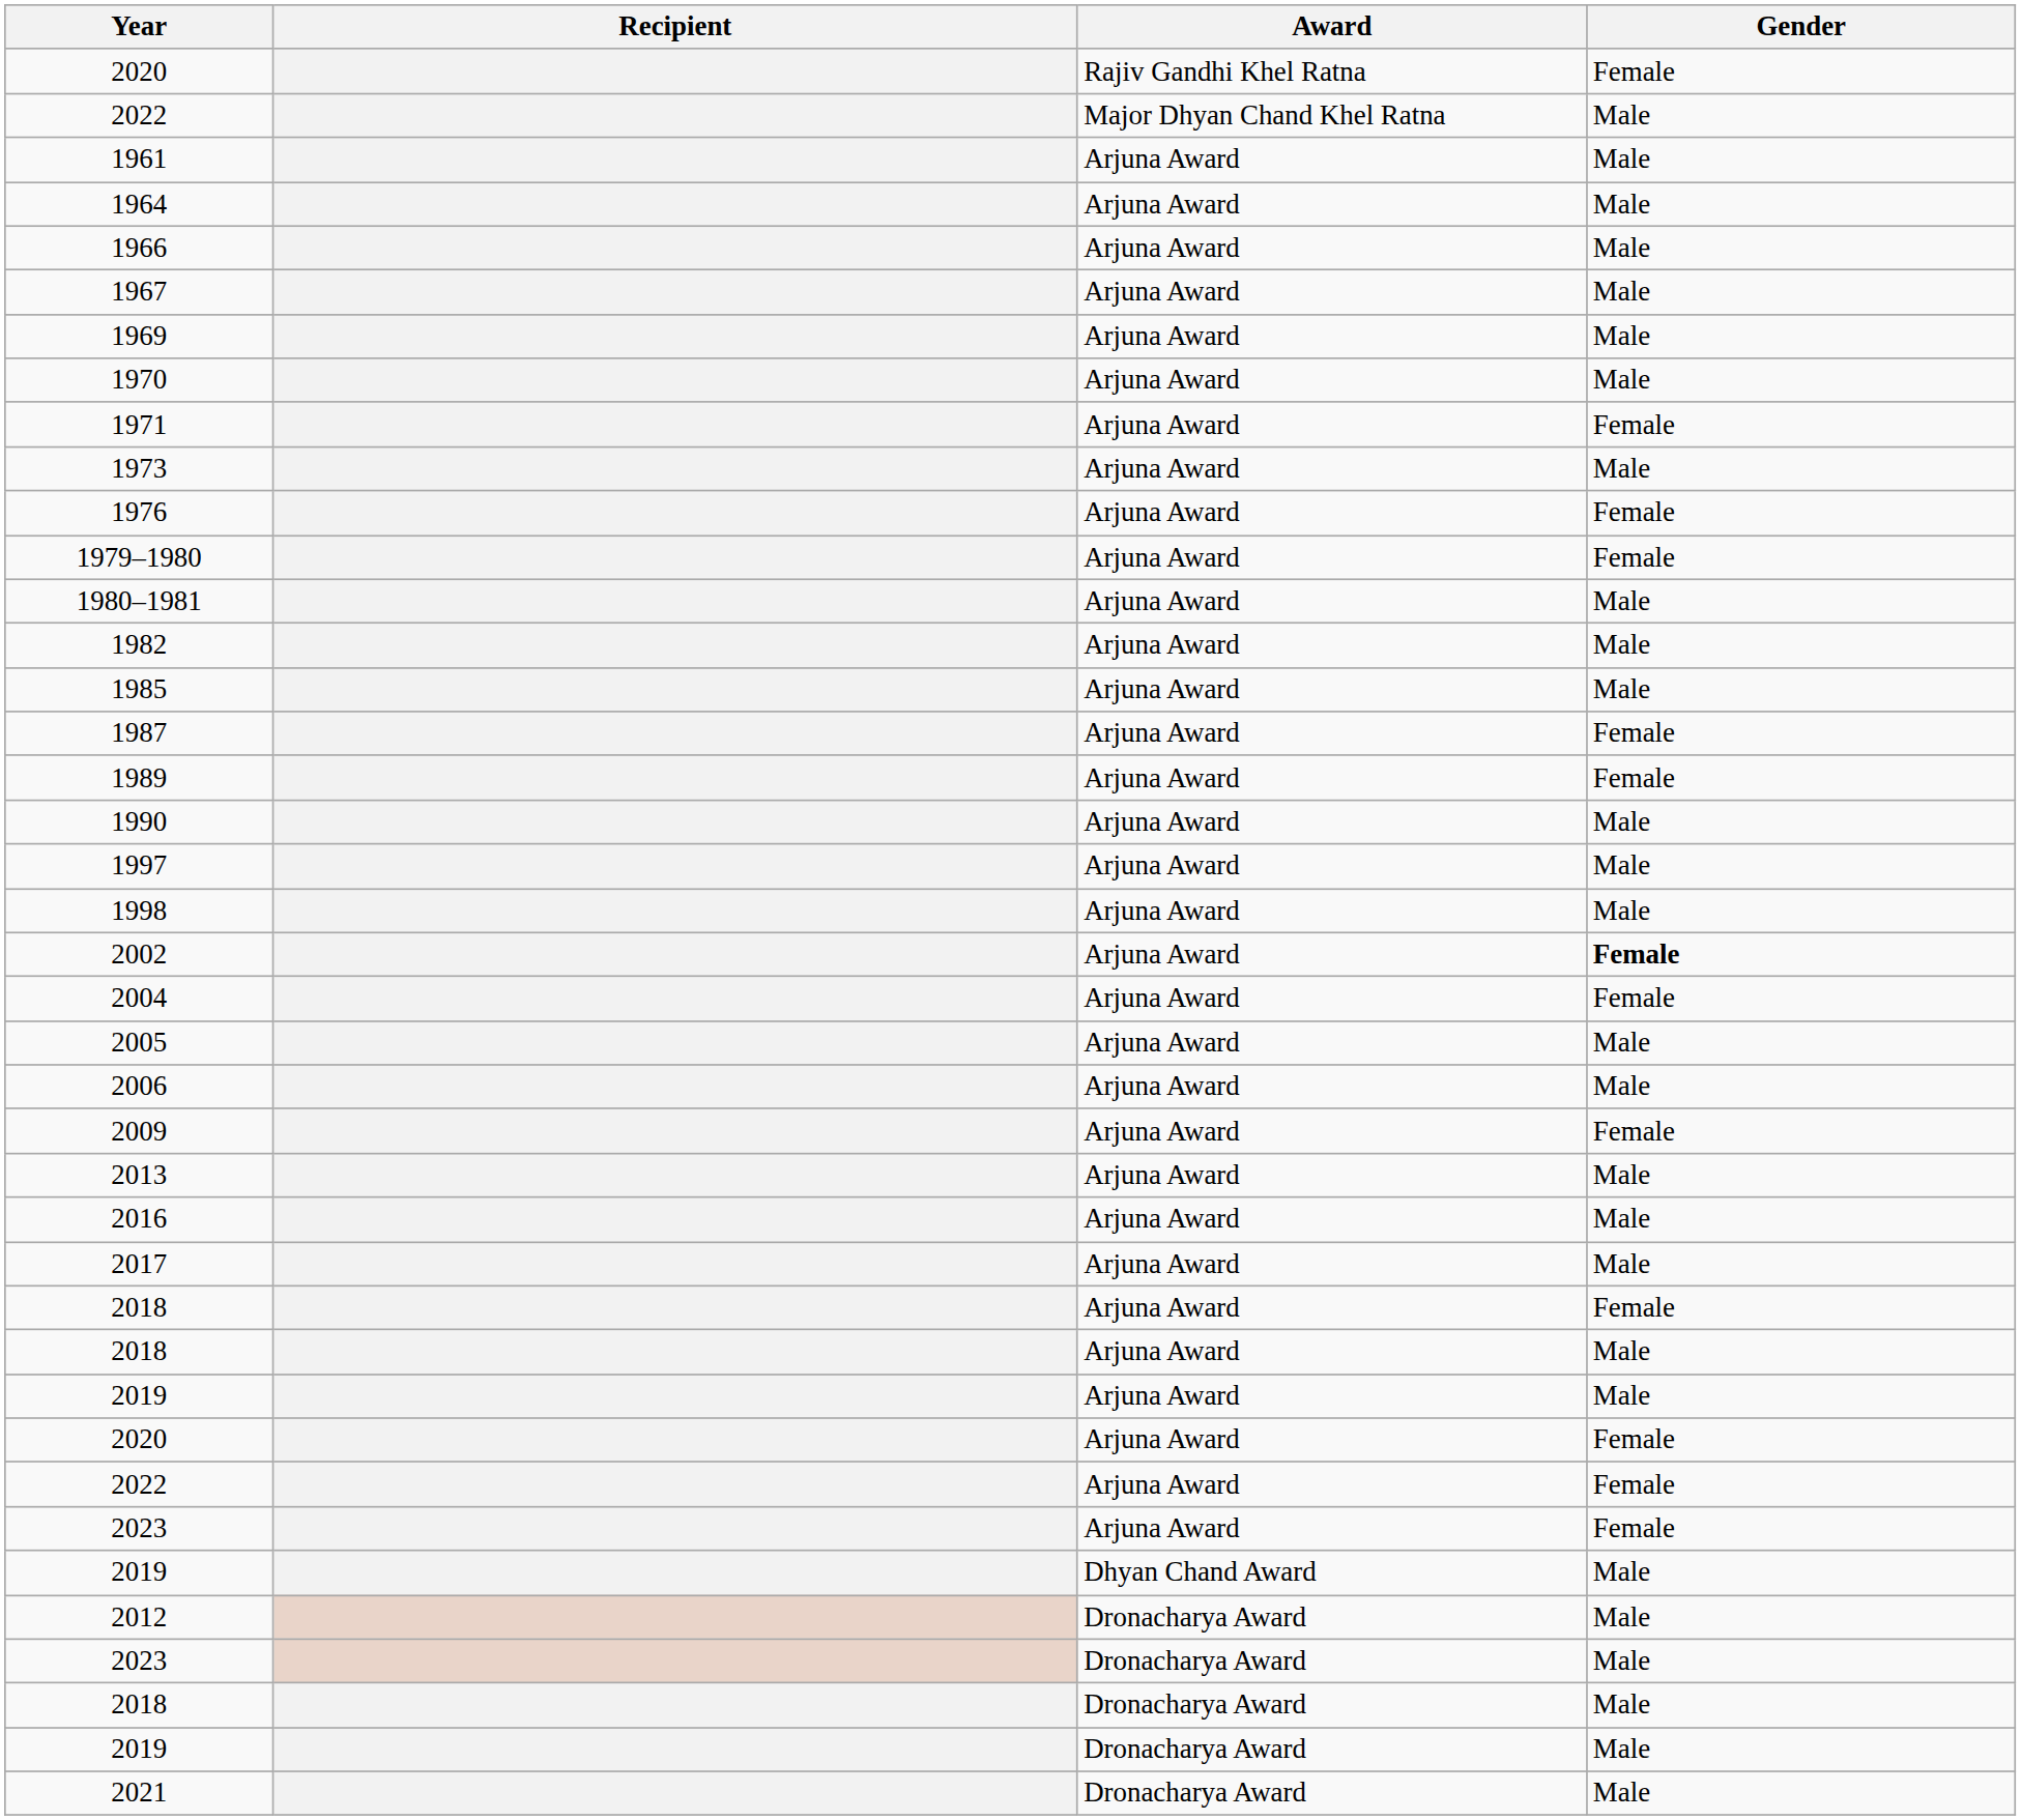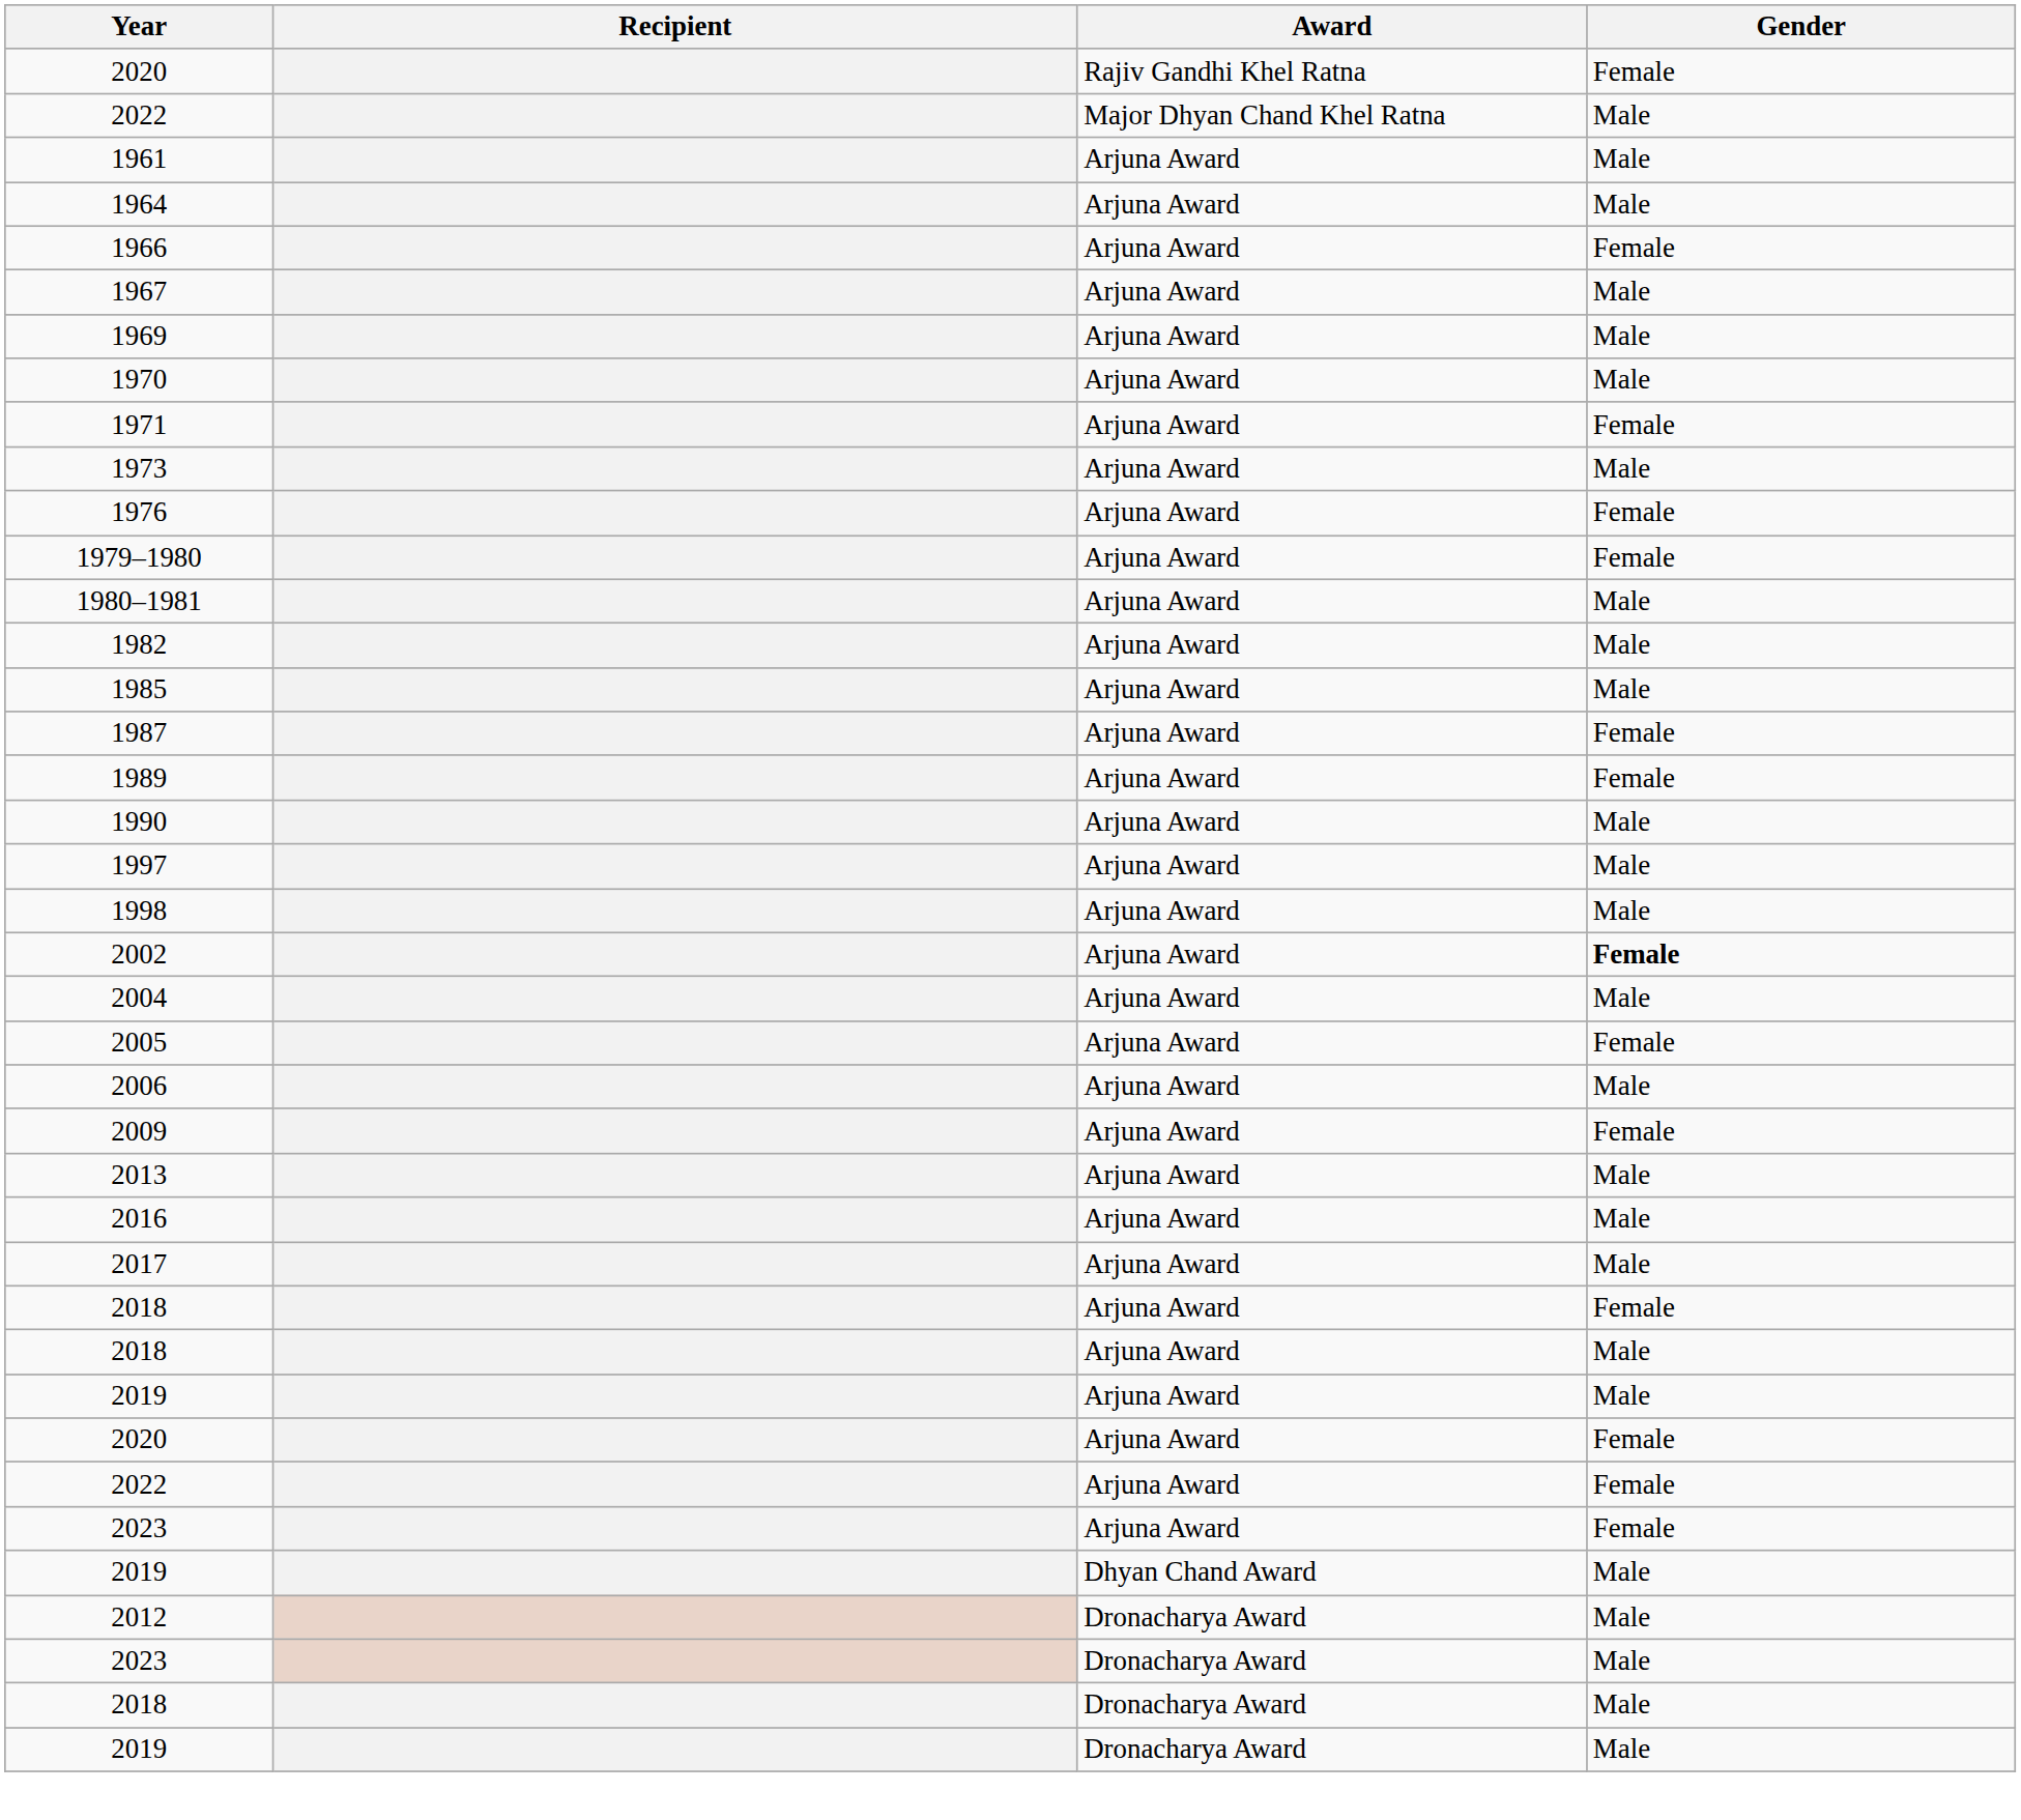 <table class="wikitable plainrowheaders sortable" style="width:73%">
 <tr>
 <th scope="col" style="width:10%">Year</th>
 <th scope="col" style="width:30%">Recipient</th>
 <th scope="col" style="width:19%">Award</th>
 <th scope="col" style="width:16%">Gender</th>
 </tr>
 <tr>
 <td style="text-align:center;">2020</td>
 <th scope="row"></th>
 <td>Rajiv Gandhi Khel Ratna</td>
 <td>Female</td>
 </tr>
 <tr>
 <td style="text-align:center;">2022</td>
 <th scope="row"></th>
 <td>Major Dhyan Chand Khel Ratna</td>
 <td>Male</td>
 </tr>
 <tr>
 <td style="text-align:center;">1961</td>
 <th scope="row"></th>
 <td>Arjuna Award</td>
 <td>Male</td>
 </tr>
 <tr>
 <td style="text-align:center;">1964</td>
 <th scope="row"></th>
 <td>Arjuna Award</td>
 <td>Male</td>
 </tr>
 <tr>
 <td style="text-align:center;">1966</td>
 <th scope="row"></th>
 <td>Arjuna Award</td>
-<td>Male</td>
+<td>Female</td>
 </tr>
 <tr>
 <td style="text-align:center;">1967</td>
 <th scope="row"></th>
 <td>Arjuna Award</td>
 <td>Male</td>
 </tr>
 <tr>
 <td style="text-align:center;">1969</td>
 <th scope="row"></th>
 <td>Arjuna Award</td>
 <td>Male</td>
 </tr>
 <tr>
 <td style="text-align:center;">1970</td>
 <th scope="row"></th>
 <td>Arjuna Award</td>
 <td>Male</td>
 </tr>
 <tr>
 <td style="text-align:center;">1971</td>
 <th scope="row"></th>
 <td>Arjuna Award</td>
 <td>Female</td>
 </tr>
 <tr>
 <td style="text-align:center;">1973</td>
 <th scope="row"></th>
 <td>Arjuna Award</td>
 <td>Male</td>
 </tr>
 <tr>
 <td style="text-align:center;">1976</td>
 <th scope="row"></th>
 <td>Arjuna Award</td>
 <td>Female</td>
 </tr>
 <tr>
 <td style="text-align:center;">1979–1980</td>
 <th scope="row"></th>
 <td>Arjuna Award</td>
 <td>Female</td>
 </tr>
 <tr>
 <td style="text-align:center;">1980–1981</td>
 <th scope="row"></th>
 <td>Arjuna Award</td>
 <td>Male</td>
 </tr>
 <tr>
 <td style="text-align:center;">1982</td>
 <th scope="row"></th>
 <td>Arjuna Award</td>
 <td>Male</td>
 </tr>
 <tr>
 <td style="text-align:center;">1985</td>
 <th scope="row"></th>
 <td>Arjuna Award</td>
 <td>Male</td>
 </tr>
 <tr>
 <td style="text-align:center;">1987</td>
 <th scope="row"></th>
 <td>Arjuna Award</td>
 <td>Female</td>
 </tr>
 <tr>
 <td style="text-align:center;">1989</td>
 <th scope="row"></th>
 <td>Arjuna Award</td>
 <td>Female</td>
 </tr>
 <tr>
 <td style="text-align:center;">1990</td>
 <th scope="row"></th>
 <td>Arjuna Award</td>
 <td>Male</td>
 </tr>
 <tr>
 <td style="text-align:center;">1997</td>
 <th scope="row"></th>
 <td>Arjuna Award</td>
 <td>Male</td>
 </tr>
 <tr>
 <td style="text-align:center;">1998</td>
 <th scope="row"></th>
 <td>Arjuna Award</td>
 <td>Male</td>
 </tr>
 <tr>
 <td style="text-align:center;">2002</td>
 <th scope="row"></th>
 <td>Arjuna Award</td>
 <td><strong>Female</strong></td>
 </tr>
 <tr>
 <td style="text-align:center;">2004</td>
 <th scope="row"></th>
 <td>Arjuna Award</td>
-<td>Female</td>
+<td>Male</td>
 </tr>
 <tr>
 <td style="text-align:center;">2005</td>
 <th scope="row"></th>
 <td>Arjuna Award</td>
-<td>Male</td>
+<td>Female</td>
 </tr>
 <tr>
 <td style="text-align:center;">2006</td>
 <th scope="row"></th>
 <td>Arjuna Award</td>
 <td>Male</td>
 </tr>
 <tr>
 <td style="text-align:center;">2009</td>
 <th scope="row"></th>
 <td>Arjuna Award</td>
 <td>Female</td>
 </tr>
 <tr>
 <td style="text-align:center;">2013</td>
 <th scope="row"></th>
 <td>Arjuna Award</td>
 <td>Male</td>
 </tr>
 <tr>
 <td style="text-align:center;">2016</td>
 <th scope="row"></th>
 <td>Arjuna Award</td>
 <td>Male</td>
 </tr>
 <tr>
 <td style="text-align:center;">2017</td>
 <th scope="row"></th>
 <td>Arjuna Award</td>
 <td>Male</td>
 </tr>
 <tr>
 <td style="text-align:center;">2018</td>
 <th scope="row"></th>
 <td>Arjuna Award</td>
 <td>Female</td>
 </tr>
 <tr>
 <td style="text-align:center;">2018</td>
 <th scope="row"></th>
 <td>Arjuna Award</td>
 <td>Male</td>
 </tr>
 <tr>
 <td style="text-align:center;">2019</td>
 <th scope="row"></th>
 <td>Arjuna Award</td>
 <td>Male</td>
 </tr>
 <tr>
 <td style="text-align:center;">2020</td>
 <th scope="row"></th>
 <td>Arjuna Award</td>
 <td>Female</td>
 </tr>
 <tr>
 <td style="text-align:center;">2022</td>
 <th scope="row"></th>
 <td>Arjuna Award</td>
 <td>Female</td>
 </tr>
 <tr>
 <td style="text-align:center;">2023</td>
 <th scope="row"></th>
 <td>Arjuna Award</td>
 <td>Female</td>
 </tr>
 <tr>
 <td style="text-align:center;">2019</td>
 <th scope="row"></th>
 <td>Dhyan Chand Award</td>
 <td>Male</td>
 </tr>
 <tr>
 <td style="text-align:center;">2012</td>
 <th scope="row" style="background-color:#E9D4C9"> </th>
 <td>Dronacharya Award</td>
 <td>Male</td>
 </tr>
 <tr>
 <td style="text-align:center;">2023</td>
 <th scope="row" style="background-color:#E9D4C9"> </th>
 <td>Dronacharya Award</td>
 <td>Male</td>
 </tr>
 <tr>
 <td style="text-align:center;">2018</td>
 <th scope="row"></th>
 <td>Dronacharya Award</td>
 <td>Male</td>
 </tr>
 <tr>
 <td style="text-align:center;">2019</td>
 <th scope="row"></th>
 <td>Dronacharya Award</td>
 <td>Male</td>
 </tr>
-<tr>
-<td style="text-align:center;">2021</td>
-<th scope="row"></th>
-<td>Dronacharya Award</td>
-<td>Male</td>
-</tr>
 </table>
